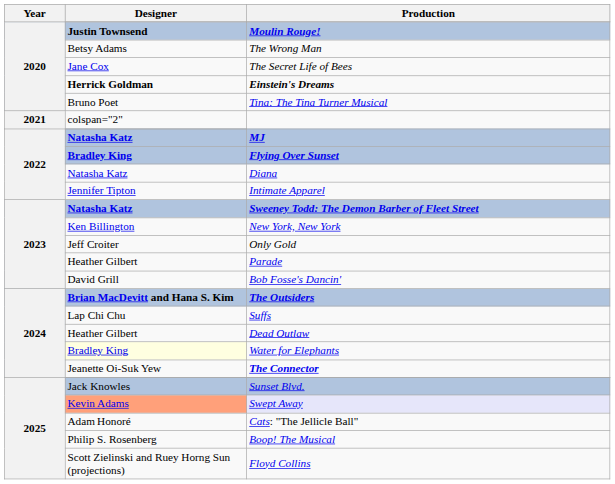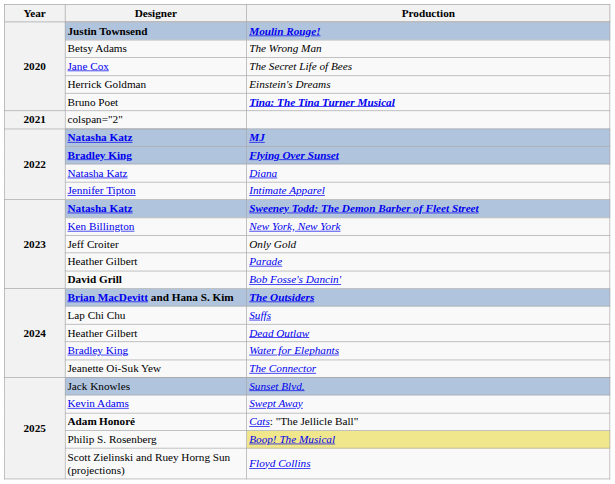 <table class="wikitable" style="width:98%;">
 <tr style="background:#bebebe;">
 <th style="width:10%;">Year</th>
 <th style="width:30%;">Designer</th>
 <th style="width:60%;">Production</th>
 </tr>
 <tr style="background:#B0C4DE">
 <th rowspan="6">2020</th>
 </tr>
 <tr style="background:#B0C4DE">
 <td><strong>Justin Townsend</strong></td>
 <td><strong><em><a href='#'>Moulin Rouge!</a></em></strong></td>
 </tr>
 <tr>
 <td>Betsy Adams</td>
 <td><em>The Wrong Man</em></td>
 </tr>
 <tr>
 <td><a href='#'>Jane Cox</a></td>
 <td><em>The Secret Life of Bees</em></td>
 </tr>
 <tr>
-<td><strong>Herrick Goldman</strong></td>
-<td><strong><em>Einstein's Dreams</em></strong></td>
+<td>Herrick Goldman</td>
+<td><em>Einstein's Dreams</em></td>
 </tr>
 <tr>
 <td>Bruno Poet</td>
-<td><em><a href='#'>Tina: The Tina Turner Musical</a></em></td>
+<td><strong><em><a href='#'>Tina: The Tina Turner Musical</a></em></strong></td>
 </tr>
 <tr>
 <th>2021</th>
 <td>colspan="2" </td>
 </tr>
 <tr>
 <th rowspan="5">2022</th>
 </tr>
 <tr style="background:#B0C4DE">
 <td><strong><a href='#'>Natasha Katz</a></strong></td>
 <td><strong><em><a href='#'>MJ</a></em></strong></td>
 </tr>
 <tr style="background:#B0C4DE">
 <td><strong><a href='#'>Bradley King</a></strong></td>
 <td><strong><em><a href='#'>Flying Over Sunset</a></em></strong></td>
 </tr>
 <tr>
 <td><a href='#'>Natasha Katz</a></td>
 <td><em><a href='#'>Diana</a></em></td>
 </tr>
 <tr>
 <td><a href='#'>Jennifer Tipton</a></td>
 <td><em><a href='#'>Intimate Apparel</a></em></td>
 </tr>
 <tr style="background:#B0C4DE">
 <th rowspan="5">2023</th>
 <td><strong><a href='#'>Natasha Katz</a></strong></td>
 <td><strong><em><a href='#'>Sweeney Todd: The Demon Barber of Fleet Street</a></em></strong></td>
 </tr>
 <tr>
 <td><a href='#'>Ken Billington</a></td>
 <td><em><a href='#'>New York, New York</a></em></td>
 </tr>
 <tr>
 <td>Jeff Croiter</td>
 <td><em>Only Gold</em></td>
 </tr>
 <tr>
 <td>Heather Gilbert</td>
 <td><em><a href='#'>Parade</a></em></td>
 </tr>
 <tr>
-<td>David Grill</td>
+<td><strong>David Grill</strong></td>
 <td><em><a href='#'>Bob Fosse's Dancin'</a></em></td>
 </tr>
 <tr style="background:#B0C4DE">
 <th rowspan="5">2024</th>
 <td><strong><a href='#'>Brian MacDevitt</a> and Hana S. Kim</strong></td>
 <td><strong><em><a href='#'>The Outsiders</a></em></strong></td>
 </tr>
 <tr>
 <td>Lap Chi Chu</td>
 <td><em><a href='#'>Suffs</a></em></td>
 </tr>
 <tr>
 <td>Heather Gilbert</td>
 <td><em><a href='#'>Dead Outlaw</a></em></td>
 </tr>
 <tr>
-<td style="background: lightyellow;"><a href='#'>Bradley King</a></td>
+<td><a href='#'>Bradley King</a></td>
 <td><em><a href='#'>Water for Elephants</a></em></td>
 </tr>
 <tr>
 <td>Jeanette Oi-Suk Yew</td>
-<td><strong><em><a href='#'>The Connector</a></em></strong></td>
+<td><em><a href='#'>The Connector</a></em></td>
 </tr>
 <tr>
 <th rowspan="6">2025</th>
 </tr>
 <tr style="background:#B0C4DE">
 <td>Jack Knowles</td>
 <td><em><a href='#'>Sunset Blvd.</a></em></td>
 </tr>
 <tr>
-<td style="background: lightsalmon;"><a href='#'>Kevin Adams</a></td>
-<td style="background: lavender;"><em><a href='#'>Swept Away</a></em></td>
+<td><a href='#'>Kevin Adams</a></td>
+<td><em><a href='#'>Swept Away</a></em></td>
 </tr>
 <tr>
-<td>Adam Honoré</td>
+<td><strong>Adam Honoré</strong></td>
 <td><em><a href='#'>Cats</a></em>: "The Jellicle Ball"</td>
 </tr>
 <tr>
 <td>Philip S. Rosenberg</td>
-<td><em><a href='#'>Boop! The Musical</a></em></td>
+<td style="background: khaki;"><em><a href='#'>Boop! The Musical</a></em></td>
 </tr>
 <tr>
 <td>Scott Zielinski and Ruey Horng Sun (projections)</td>
 <td><em><a href='#'>Floyd Collins</a></em></td>
 </tr>
 </table>
